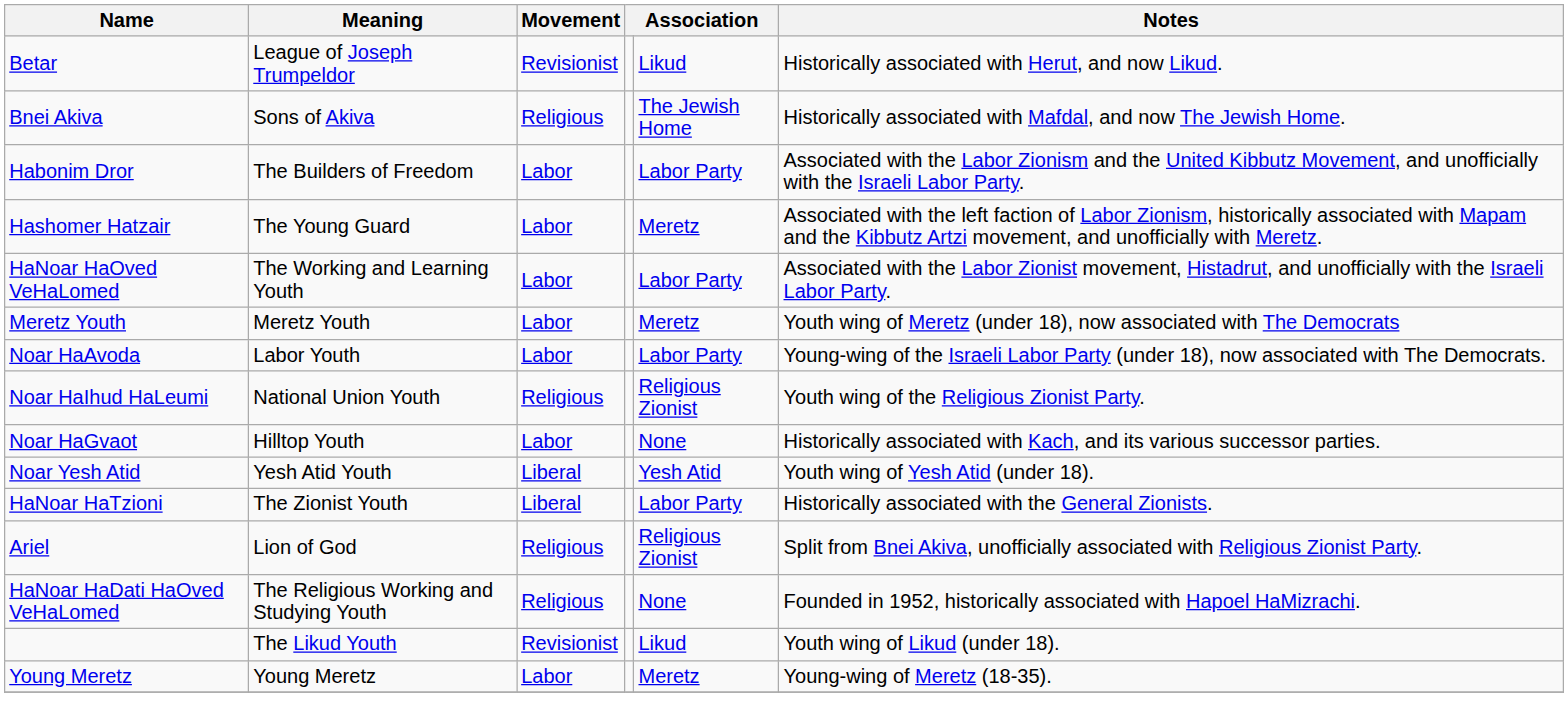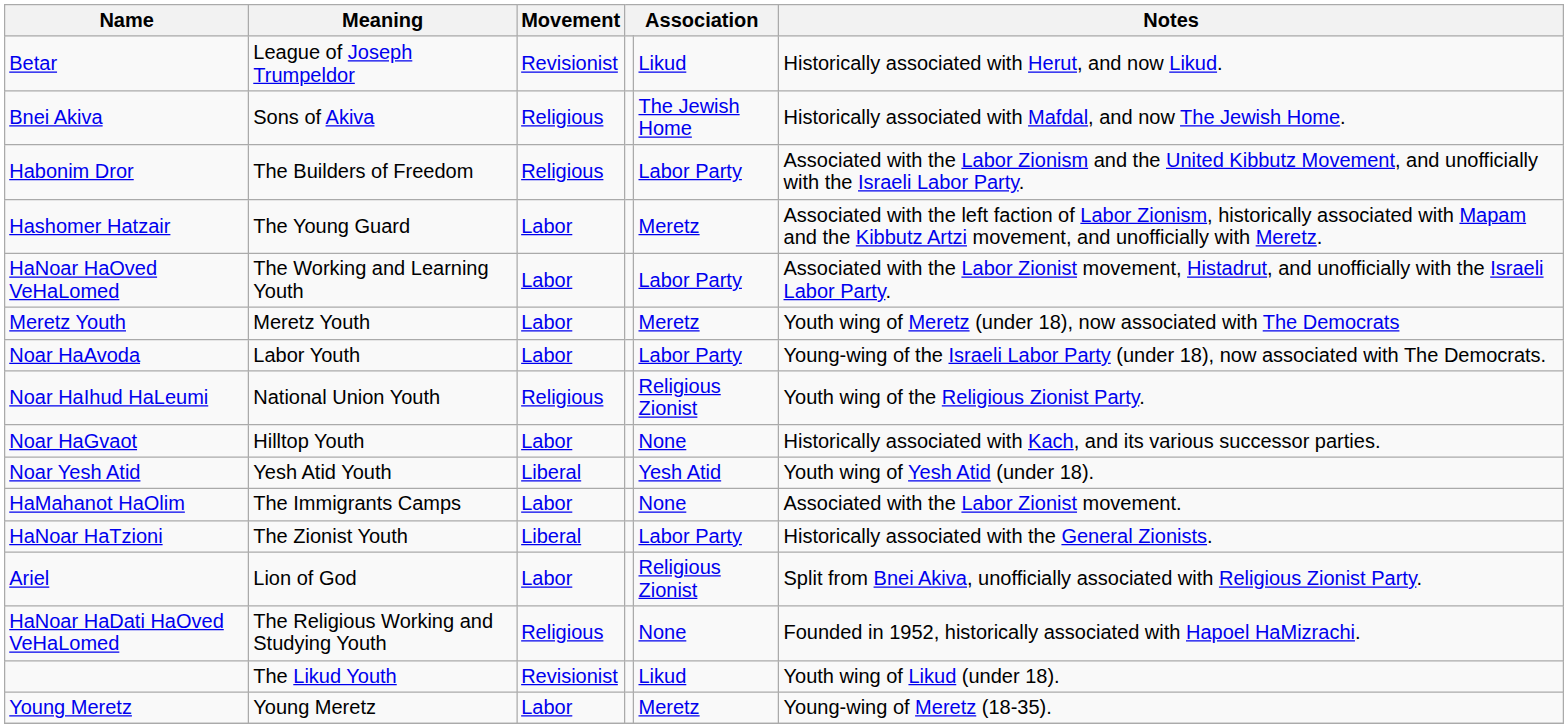 <table class="sort wikitable sortable">
 <tr>
 <th>Name</th>
 <th>Meaning</th>
 <th>Movement</th>
 <th colspan=2>Association</th>
 <th>Notes</th>
 </tr>
 <tr>
 <td><a href='#'>Betar</a></td>
 <td>League of <a href='#'>Joseph Trumpeldor</a></td>
 <td><a href='#'>Revisionist</a></td>
 <td style="background-color:"></td>
 <td><a href='#'>Likud</a></td>
 <td>Historically associated with <a href='#'>Herut</a>, and now <a href='#'>Likud</a>.</td>
 </tr>
 <tr>
 <td><a href='#'>Bnei Akiva</a></td>
 <td>Sons of <a href='#'>Akiva</a></td>
 <td><a href='#'>Religious</a></td>
 <td style="background-color:"></td>
 <td><a href='#'>The Jewish Home</a></td>
 <td>Historically associated with <a href='#'>Mafdal</a>, and now <a href='#'>The Jewish Home</a>.</td>
 </tr>
 <tr>
 <td><a href='#'>Habonim Dror</a></td>
 <td>The Builders of Freedom</td>
-<td><a href='#'>Labor</a></td>
+<td><a href='#'>Religious</a></td>
 <td style="background-color:"></td>
 <td><a href='#'>Labor Party</a></td>
 <td>Associated with the <a href='#'>Labor Zionism</a> and the <a href='#'>United Kibbutz Movement</a>, and unofficially with the <a href='#'>Israeli Labor Party</a>.</td>
 </tr>
 <tr>
 <td><a href='#'>Hashomer Hatzair</a></td>
 <td>The Young Guard</td>
 <td><a href='#'>Labor</a></td>
 <td style="background-color:"></td>
 <td><a href='#'>Meretz</a></td>
 <td>Associated with the left faction of <a href='#'>Labor Zionism</a>, historically associated with <a href='#'>Mapam</a> and the <a href='#'>Kibbutz Artzi</a> movement, and unofficially with <a href='#'>Meretz</a>.</td>
 </tr>
 <tr>
 <td><a href='#'>HaNoar HaOved VeHaLomed</a></td>
 <td>The Working and Learning Youth</td>
 <td><a href='#'>Labor</a></td>
 <td style="background-color:"></td>
 <td><a href='#'>Labor Party</a></td>
 <td>Associated with the <a href='#'>Labor Zionist</a> movement, <a href='#'>Histadrut</a>, and unofficially with the <a href='#'>Israeli Labor Party</a>.</td>
 </tr>
 <tr>
 <td><a href='#'>Meretz Youth</a></td>
 <td>Meretz Youth</td>
 <td><a href='#'>Labor</a></td>
 <td style="background-color:"></td>
 <td><a href='#'>Meretz</a></td>
 <td>Youth wing of <a href='#'>Meretz</a> (under 18), now associated with <a href='#'>The Democrats</a></td>
 </tr>
 <tr>
 <td><a href='#'>Noar HaAvoda</a></td>
 <td>Labor Youth</td>
 <td><a href='#'>Labor</a></td>
 <td style="background-color:"></td>
 <td><a href='#'>Labor Party</a></td>
 <td>Young-wing of the <a href='#'>Israeli Labor Party</a> (under 18), now associated with The Democrats.</td>
 </tr>
 <tr>
 <td><a href='#'>Noar HaIhud HaLeumi</a></td>
 <td>National Union Youth</td>
 <td><a href='#'>Religious</a></td>
 <td style="background-color:"></td>
 <td><a href='#'>Religious Zionist</a></td>
 <td>Youth wing of the <a href='#'>Religious Zionist Party</a>.</td>
 </tr>
 <tr>
 <td><a href='#'>Noar HaGvaot</a></td>
 <td>Hilltop Youth</td>
 <td><a href='#'>Labor</a></td>
 <td style="background-color:"></td>
 <td><a href='#'>None</a></td>
 <td>Historically associated with <a href='#'>Kach</a>, and its various successor parties.</td>
 </tr>
 <tr>
 <td><a href='#'>Noar Yesh Atid</a></td>
 <td>Yesh Atid Youth</td>
 <td><a href='#'>Liberal</a></td>
 <td style="background-color:"></td>
 <td><a href='#'>Yesh Atid</a></td>
 <td>Youth wing of <a href='#'>Yesh Atid</a> (under 18).</td>
 </tr>
 <tr>
+<td><a href='#'>HaMahanot HaOlim</a></td>
+<td>The Immigrants Camps</td>
+<td><a href='#'>Labor</a></td>
+<td style="background-color:"></td>
+<td><a href='#'>None</a></td>
+<td>Associated with the <a href='#'>Labor Zionist</a> movement.</td>
+</tr>
+<tr>
 <td><a href='#'>HaNoar HaTzioni</a></td>
 <td>The Zionist Youth</td>
 <td><a href='#'>Liberal</a></td>
 <td style="background-color:"></td>
 <td><a href='#'>Labor Party</a></td>
 <td>Historically associated with the <a href='#'>General Zionists</a>.</td>
 </tr>
 <tr>
 <td><a href='#'>Ariel</a></td>
 <td>Lion of God</td>
-<td><a href='#'>Religious</a></td>
+<td><a href='#'>Labor</a></td>
 <td style="background-color:"></td>
 <td><a href='#'>Religious Zionist</a></td>
 <td>Split from <a href='#'>Bnei Akiva</a>, unofficially associated with <a href='#'>Religious Zionist Party</a>.</td>
 </tr>
 <tr>
 <td><a href='#'>HaNoar HaDati HaOved VeHaLomed</a></td>
 <td>The Religious Working and Studying Youth</td>
 <td><a href='#'>Religious</a></td>
 <td style="background-color:"></td>
 <td><a href='#'>None</a></td>
 <td>Founded in 1952, historically associated with <a href='#'>Hapoel HaMizrachi</a>.</td>
 </tr>
 <tr>
 <td></td>
 <td>The <a href='#'>Likud Youth</a></td>
 <td><a href='#'>Revisionist</a></td>
 <td style="background-color:"></td>
 <td><a href='#'>Likud</a></td>
 <td>Youth wing of <a href='#'>Likud</a> (under 18).</td>
 </tr>
 <tr>
 <td><a href='#'>Young Meretz</a></td>
 <td>Young Meretz</td>
 <td><a href='#'>Labor</a></td>
 <td style="background-color:"></td>
 <td><a href='#'>Meretz</a></td>
 <td>Young-wing of <a href='#'>Meretz</a> (18-35).</td>
 </tr>
 <tr>
 </tr>
 </table>
